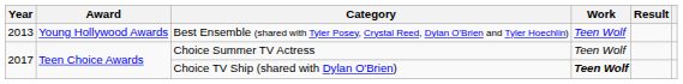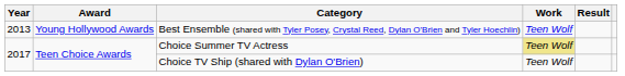 <table class="wikitable">
 <tr>
 <th>Year</th>
 <th>Award</th>
 <th>Category</th>
 <th>Work</th>
 <th>Result</th>
 <th></th>
 </tr>
 <tr>
 <td>2013</td>
 <td><a href='#'>Young Hollywood Awards</a></td>
 <td>Best Ensemble <small>(shared with <a href='#'>Tyler Posey</a>, <a href='#'>Crystal Reed</a>, <a href='#'>Dylan O'Brien</a> and <a href='#'>Tyler Hoechlin</a>)</small></td>
 <td><em><a href='#'>Teen Wolf</a></em></td>
 <td></td>
 <td></td>
 </tr>
 <tr>
 <td rowspan="2">2017</td>
 <td rowspan="2"><a href='#'>Teen Choice Awards</a></td>
 <td>Choice Summer TV Actress</td>
-<td><em>Teen Wolf</em></td>
+<td style="background: khaki;"><em>Teen Wolf</em></td>
 <td></td>
 <td></td>
 </tr>
 <tr>
 <td>Choice TV Ship (shared with <a href='#'>Dylan O'Brien</a>)</td>
-<td><strong><em>Teen Wolf</em></strong></td>
+<td><em>Teen Wolf</em></td>
 <td></td>
 <td></td>
 </tr>
 </table>
